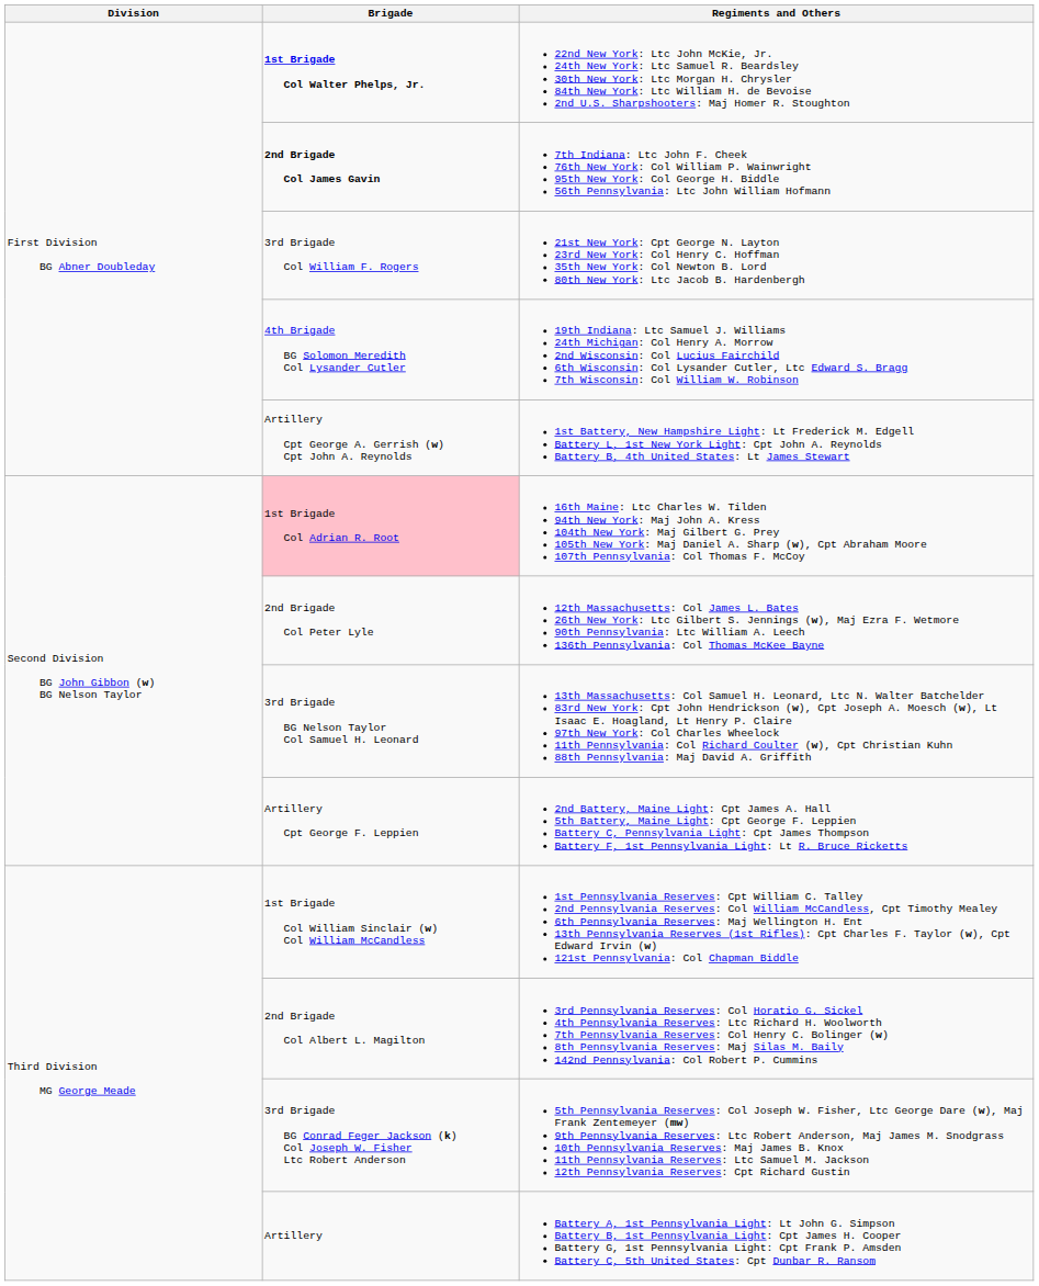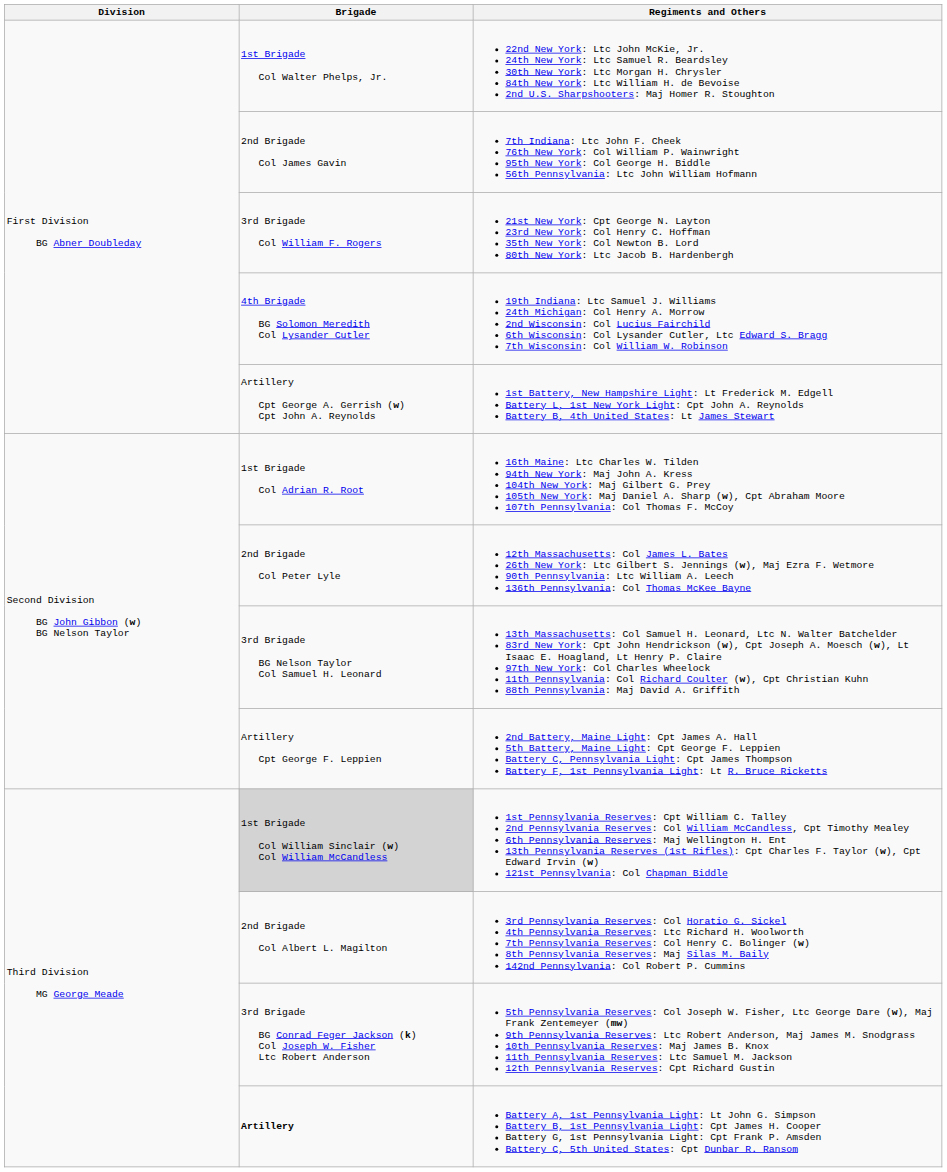 <table class="wikitable">
 <tr>
 <th width=25%>Division</th>
 <th width=25%>Brigade</th>
 <th>Regiments and Others</th>
 </tr>
 <tr>
 <td rowspan=5><br>First Division<br><br>     BG <a href='#'>Abner Doubleday</a></td>
-<td><strong><a href='#'>1st Brigade</a><br><br>   Col Walter Phelps, Jr.</strong></td>
+<td><a href='#'>1st Brigade</a><br><br>   Col Walter Phelps, Jr.</td>
 <td><br><ul><li><a href='#'>22nd New York</a>: Ltc John McKie, Jr.</li><li><a href='#'>24th New York</a>: Ltc Samuel R. Beardsley</li><li><a href='#'>30th New York</a>: Ltc Morgan H. Chrysler</li><li><a href='#'>84th New York</a>: Ltc William H. de Bevoise</li><li><a href='#'>2nd U.S. Sharpshooters</a>: Maj Homer R. Stoughton</li></ul></td>
 </tr>
 <tr>
-<td><strong>2nd Brigade<br><br>   Col James Gavin</strong></td>
+<td>2nd Brigade<br><br>   Col James Gavin</td>
 <td><br><ul><li><a href='#'>7th Indiana</a>: Ltc John F. Cheek</li><li><a href='#'>76th New York</a>: Col William P. Wainwright</li><li><a href='#'>95th New York</a>: Col George H. Biddle</li><li><a href='#'>56th Pennsylvania</a>: Ltc John William Hofmann</li></ul></td>
 </tr>
 <tr>
 <td>3rd Brigade<br><br>   Col <a href='#'>William F. Rogers</a></td>
 <td><br><ul><li><a href='#'>21st New York</a>: Cpt George N. Layton</li><li><a href='#'>23rd New York</a>: Col Henry C. Hoffman</li><li><a href='#'>35th New York</a>: Col Newton B. Lord</li><li><a href='#'>80th New York</a>: Ltc Jacob B. Hardenbergh</li></ul></td>
 </tr>
 <tr>
 <td><a href='#'>4th Brigade</a><br><br>   BG <a href='#'>Solomon Meredith</a> <br>   Col <a href='#'>Lysander Cutler</a></td>
 <td><br><ul><li><a href='#'>19th Indiana</a>: Ltc Samuel J. Williams</li><li><a href='#'>24th Michigan</a>: Col Henry A. Morrow</li><li><a href='#'>2nd Wisconsin</a>: Col <a href='#'>Lucius Fairchild</a></li><li><a href='#'>6th Wisconsin</a>: Col Lysander Cutler, Ltc <a href='#'>Edward S. Bragg</a></li><li><a href='#'>7th Wisconsin</a>: Col <a href='#'>William W. Robinson</a></li></ul></td>
 </tr>
 <tr>
 <td>Artillery<br><br>   Cpt George A. Gerrish (<strong>w</strong>) <br>   Cpt John A. Reynolds</td>
 <td><br><ul><li><a href='#'>1st Battery, New Hampshire Light</a>: Lt Frederick M. Edgell</li><li><a href='#'>Battery L, 1st New York Light</a>: Cpt John A. Reynolds</li><li><a href='#'>Battery B, 4th United States</a>: Lt <a href='#'>James Stewart</a></li></ul></td>
 </tr>
 <tr>
 <td rowspan=4><br>Second Division<br><br>     BG <a href='#'>John Gibbon</a> (<strong>w</strong>) <br>     BG Nelson Taylor</td>
-<td style="background: pink;">1st Brigade<br><br>   Col <a href='#'>Adrian R. Root</a></td>
+<td>1st Brigade<br><br>   Col <a href='#'>Adrian R. Root</a></td>
 <td><br><ul><li><a href='#'>16th Maine</a>: Ltc Charles W. Tilden</li><li><a href='#'>94th New York</a>: Maj John A. Kress</li><li><a href='#'>104th New York</a>: Maj Gilbert G. Prey</li><li><a href='#'>105th New York</a>: Maj Daniel A. Sharp (<strong>w</strong>), Cpt Abraham Moore</li><li><a href='#'>107th Pennsylvania</a>: Col Thomas F. McCoy</li></ul></td>
 </tr>
 <tr>
 <td>2nd Brigade<br><br>   Col Peter Lyle</td>
 <td><br><ul><li><a href='#'>12th Massachusetts</a>: Col <a href='#'>James L. Bates</a></li><li><a href='#'>26th New York</a>: Ltc Gilbert S. Jennings (<strong>w</strong>), Maj Ezra F. Wetmore</li><li><a href='#'>90th Pennsylvania</a>: Ltc William A. Leech</li><li><a href='#'>136th Pennsylvania</a>: Col <a href='#'>Thomas McKee Bayne</a></li></ul></td>
 </tr>
 <tr>
 <td>3rd Brigade<br><br>   BG Nelson Taylor <br>   Col Samuel H. Leonard</td>
 <td><br><ul><li><a href='#'>13th Massachusetts</a>: Col Samuel H. Leonard, Ltc N. Walter Batchelder</li><li><a href='#'>83rd New York</a>: Cpt John Hendrickson (<strong>w</strong>), Cpt Joseph A. Moesch (<strong>w</strong>), Lt Isaac E. Hoagland, Lt Henry P. Claire</li><li><a href='#'>97th New York</a>: Col Charles Wheelock</li><li><a href='#'>11th Pennsylvania</a>: Col <a href='#'>Richard Coulter</a> (<strong>w</strong>), Cpt Christian Kuhn</li><li><a href='#'>88th Pennsylvania</a>: Maj David A. Griffith</li></ul></td>
 </tr>
 <tr>
 <td>Artillery<br><br>   Cpt George F. Leppien</td>
 <td><br><ul><li><a href='#'>2nd Battery, Maine Light</a>: Cpt James A. Hall</li><li><a href='#'>5th Battery, Maine Light</a>: Cpt George F. Leppien</li><li><a href='#'>Battery C, Pennsylvania Light</a>: Cpt James Thompson</li><li><a href='#'>Battery F, 1st Pennsylvania Light</a>: Lt <a href='#'>R. Bruce Ricketts</a></li></ul></td>
 </tr>
 <tr>
 <td rowspan=4><br>Third Division<br><br>     MG <a href='#'>George Meade</a></td>
-<td>1st Brigade<br><br>   Col William Sinclair (<strong>w</strong>) <br>   Col <a href='#'>William McCandless</a></td>
+<td style="background: lightgrey;">1st Brigade<br><br>   Col William Sinclair (<strong>w</strong>) <br>   Col <a href='#'>William McCandless</a></td>
 <td><br><ul><li><a href='#'>1st Pennsylvania Reserves</a>: Cpt William C. Talley</li><li><a href='#'>2nd Pennsylvania Reserves</a>: Col <a href='#'>William McCandless</a>, Cpt Timothy Mealey</li><li><a href='#'>6th Pennsylvania Reserves</a>: Maj Wellington H. Ent</li><li><a href='#'>13th Pennsylvania Reserves (1st Rifles)</a>: Cpt Charles F. Taylor (<strong>w</strong>), Cpt Edward Irvin (<strong>w</strong>)</li><li><a href='#'>121st Pennsylvania</a>: Col <a href='#'>Chapman Biddle</a></li></ul></td>
 </tr>
 <tr>
 <td>2nd Brigade<br><br>   Col Albert L. Magilton</td>
 <td><br><ul><li><a href='#'>3rd Pennsylvania Reserves</a>: Col <a href='#'>Horatio G. Sickel</a></li><li><a href='#'>4th Pennsylvania Reserves</a>: Ltc Richard H. Woolworth</li><li><a href='#'>7th Pennsylvania Reserves</a>: Col Henry C. Bolinger (<strong>w</strong>)</li><li><a href='#'>8th Pennsylvania Reserves</a>: Maj <a href='#'>Silas M. Baily</a></li><li><a href='#'>142nd Pennsylvania</a>: Col Robert P. Cummins</li></ul></td>
 </tr>
 <tr>
 <td>3rd Brigade<br><br>   BG <a href='#'>Conrad Feger Jackson</a> (<strong>k</strong>) <br>   Col <a href='#'>Joseph W. Fisher</a> <br>   Ltc Robert Anderson</td>
 <td><br><ul><li><a href='#'>5th Pennsylvania Reserves</a>: Col Joseph W. Fisher, Ltc George Dare (<strong>w</strong>), Maj Frank Zentemeyer (<strong>mw</strong>)</li><li><a href='#'>9th Pennsylvania Reserves</a>: Ltc Robert Anderson, Maj James M. Snodgrass</li><li><a href='#'>10th Pennsylvania Reserves</a>: Maj James B. Knox</li><li><a href='#'>11th Pennsylvania Reserves</a>: Ltc Samuel M. Jackson</li><li><a href='#'>12th Pennsylvania Reserves</a>: Cpt Richard Gustin</li></ul></td>
 </tr>
 <tr>
-<td>Artillery</td>
+<td><strong>Artillery</strong></td>
 <td><br><ul><li><a href='#'>Battery A, 1st Pennsylvania Light</a>: Lt John G. Simpson</li><li><a href='#'>Battery B, 1st Pennsylvania Light</a>: Cpt James H. Cooper</li><li>Battery G, 1st Pennsylvania Light: Cpt Frank P. Amsden</li><li><a href='#'>Battery C, 5th United States</a>: Cpt <a href='#'>Dunbar R. Ransom</a></li></ul></td>
 </tr>
 </table>
